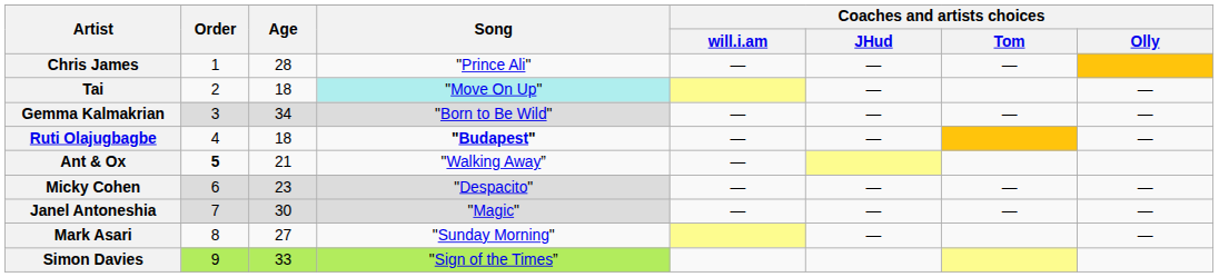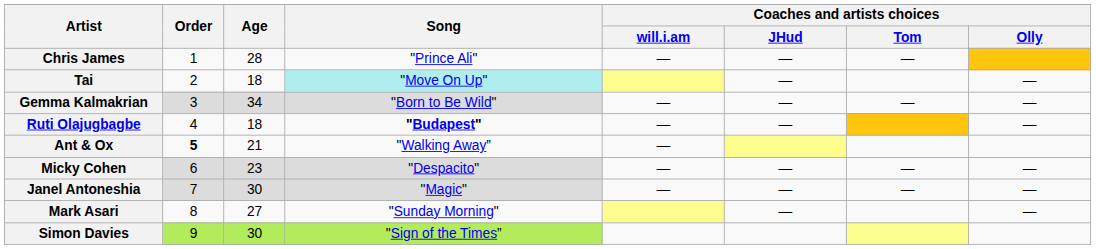 <table class="wikitable" style="text-align:center; width:100%;">
 <tr>
 </tr>
 <tr>
 <th scope="col" rowspan="2" style="width:13%;">Artist</th>
 <th scope="col" rowspan="2" style="width:05%;">Order</th>
 <th scope="col" rowspan="2" style="width:05%;">Age</th>
 <th scope="col" rowspan="2" style="width:26%;">Song</th>
 <th colspan="4" style="width:40%;">Coaches and artists choices</th>
 </tr>
 <tr>
 <th style="width:10%;"><a href='#'>will.i.am</a></th>
 <th style="width:10%;"><a href='#'>JHud</a></th>
 <th style="width:10%;"><a href='#'>Tom</a></th>
 <th style="width:10%;"><a href='#'>Olly</a></th>
 </tr>
 <tr>
 <th scope="row"><div> Chris James </div></th>
 <td>1</td>
 <td>28</td>
 <td>"<a href='#'>Prince Ali</a>"</td>
 <td>—</td>
 <td>—</td>
 <td>—</td>
 <td style="background:#FFC40C;text-align:center;"><strong></strong></td>
 </tr>
 <tr>
 <th scope="row"><div> Tai </div></th>
 <td>2</td>
 <td>18</td>
 <td style="background: paleturquoise;">"<a href='#'>Move On Up</a>"</td>
 <td style="background:#fdfc8f;"><strong></strong></td>
 <td>—</td>
 <td><strong></strong></td>
 <td>—</td>
 </tr>
 <tr>
 <th scope="row"><div> Gemma Kalmakrian </div></th>
 <td style="background:#DCDCDC; text-align:center;">3</td>
 <td style="background:#DCDCDC; text-align:center;">34</td>
 <td style="background:#DCDCDC; text-align:center;">"<a href='#'>Born to Be Wild</a>"</td>
 <td>—</td>
 <td>—</td>
 <td>—</td>
 <td>—</td>
 </tr>
 <tr>
 <th scope="row"><div> <a href='#'>Ruti Olajugbagbe</a> </div></th>
 <td>4</td>
 <td>18</td>
 <td><strong>"<a href='#'>Budapest</a>"</strong></td>
 <td>—</td>
 <td>—</td>
 <td style="background:#FFC40C;text-align:center;"><strong></strong></td>
 <td>—</td>
 </tr>
 <tr>
 <th scope="row"><div> Ant & Ox </div></th>
 <td><strong>5</strong></td>
 <td>21</td>
 <td>"<a href='#'>Walking Away</a>”</td>
 <td>—</td>
 <td style="background:#fdfc8f;"><strong></strong></td>
 <td><strong></strong></td>
 <td><strong></strong></td>
 </tr>
 <tr>
 <th scope="row"><div> Micky Cohen </div></th>
 <td style="background:#DCDCDC; text-align:center;">6</td>
 <td style="background:#DCDCDC; text-align:center;">23</td>
 <td style="background:#DCDCDC; text-align:center;">"<a href='#'>Despacito</a>"</td>
 <td>—</td>
 <td>—</td>
 <td>—</td>
 <td>—</td>
 </tr>
 <tr>
 <th scope="row"><div> Janel Antoneshia </div></th>
 <td style="background:#DCDCDC; text-align:center;">7</td>
 <td style="background:#DCDCDC; text-align:center;">30</td>
 <td style="background:#DCDCDC; text-align:center;">"<a href='#'>Magic</a>"</td>
 <td>—</td>
 <td>—</td>
 <td>—</td>
 <td>—</td>
 </tr>
 <tr>
 <th scope="row"><div> Mark Asari </div></th>
 <td>8</td>
 <td>27</td>
 <td>"<a href='#'>Sunday Morning</a>"</td>
 <td style="background:#fdfc8f;"><strong></strong></td>
 <td>—</td>
 <td><strong></strong></td>
 <td>—</td>
 </tr>
 <tr>
 <th scope="row"><div> Simon Davies </div></th>
 <td style="background-color:#B2EC5D;">9</td>
-<td style="background-color:#B2EC5D;">33</td>
+<td style="background-color:#B2EC5D;">30</td>
 <td style="background-color:#B2EC5D;">"<a href='#'>Sign of the Times</a>”</td>
 <td><strong></strong></td>
 <td><strong></strong></td>
 <td style="background:#fdfc8f;"><strong></strong></td>
 <td><strong></strong></td>
 </tr>
 </table>
